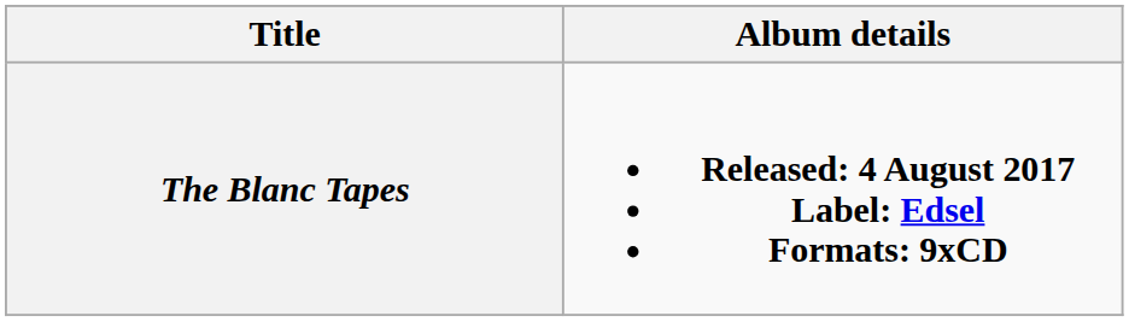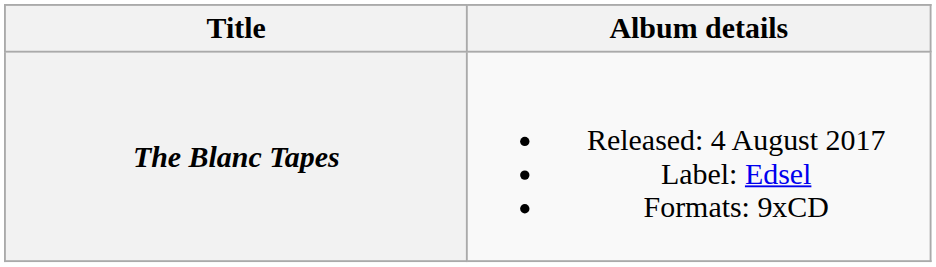 <table class="wikitable plainrowheaders" style="text-align:center;">
 <tr>
 <th scope="col" style="width:15em;">Title</th>
 <th scope="col" style="width:15em;">Album details</th>
 </tr>
 <tr>
 <th scope="row"><em>The Blanc Tapes</em></th>
-<td><strong><br><ul><li>Released: 4 August 2017</li><li>Label: <a href='#'>Edsel</a></li><li>Formats: 9xCD</li></ul></strong></td>
+<td><br><ul><li>Released: 4 August 2017</li><li>Label: <a href='#'>Edsel</a></li><li>Formats: 9xCD</li></ul></td>
 </tr>
 </table>
